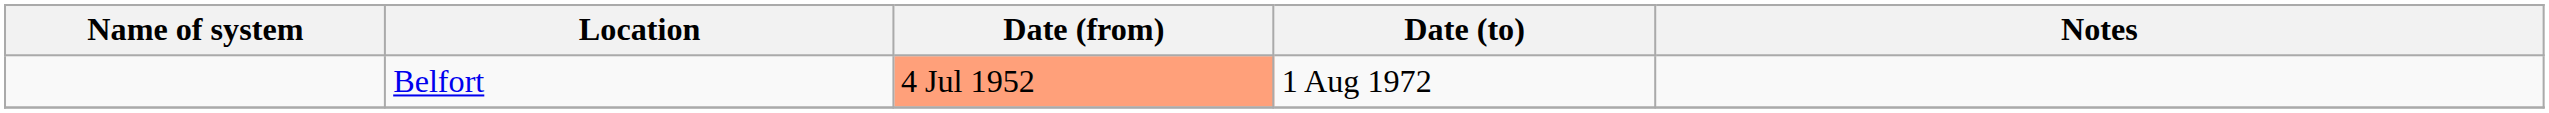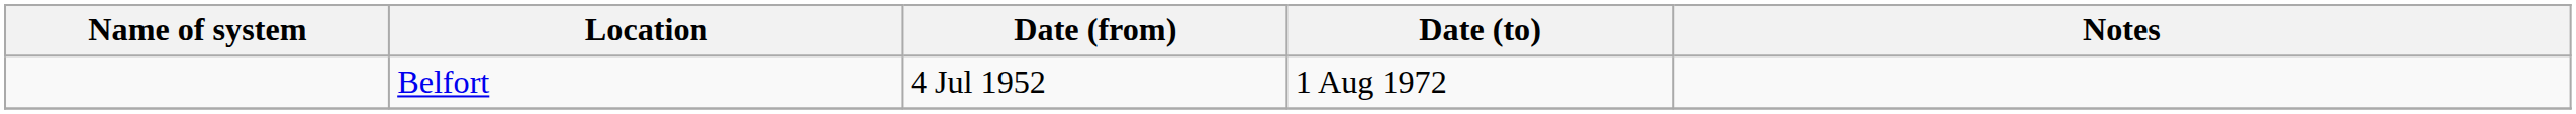 <table class="wikitable" width=100%>
 <tr>
 <th width=15%>Name of system</th>
 <th width=20%>Location</th>
 <th width=15%>Date (from)</th>
 <th width=15%>Date (to)</th>
 <th width=35%>Notes</th>
 </tr>
 <tr>
 <td> </td>
 <td><a href='#'>Belfort</a></td>
-<td style="background: lightsalmon;">4 Jul 1952</td>
+<td>4 Jul 1952</td>
 <td>1 Aug 1972</td>
 <td> </td>
 </tr>
 <tr>
 </tr>
 </table>
